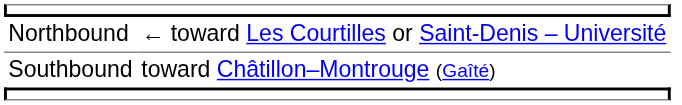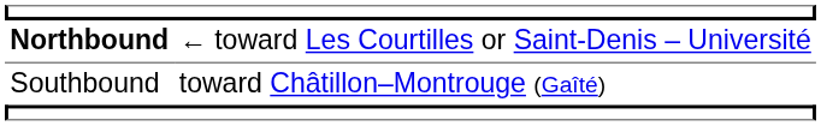 <table border=0 cellspacing=0 cellpadding=3>
 <tr>
 <td style="border-top:solid 1px gray;border-right:solid 2px black;border-left:solid 2px black;border-bottom:solid 2px black;text-align:center" colspan=2></td>
 </tr>
 <tr>
-<td style="border-bottom:solid 1px gray">Northbound</td>
+<td style="border-bottom:solid 1px gray"><strong>Northbound</strong></td>
 <td style="border-bottom:solid 1px gray">←   toward <a href='#'>Les Courtilles</a> or <a href='#'>Saint-Denis – Université</a> </td>
 </tr>
 <tr>
 <td>Southbound</td>
 <td>   toward <a href='#'>Châtillon–Montrouge</a> <small>(<a href='#'>Gaîté</a>)</small> </td>
 </tr>
 <tr>
 <td style="border-top:solid 2px black;border-right:solid 2px black;border-left:solid 2px black;border-bottom:solid 1px gray;text-align:center" colspan=2></td>
 </tr>
 </table>
